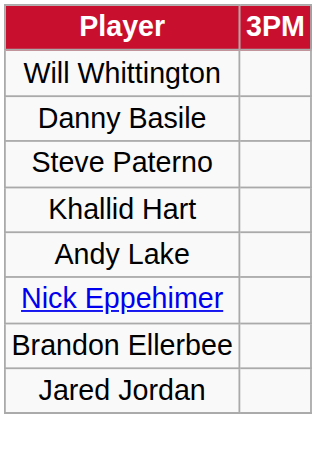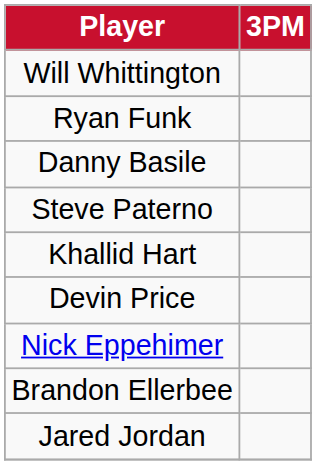 <table class="wikitable sortable" style="text-align:center">
 <tr>
 <th style="background:#C8102E; color:#FFFFFF;">Player</th>
 <th style="background:#C8102E; color:#FFFFFF;">3PM</th>
 </tr>
 <tr>
 <td>Will Whittington</td>
+<td></td>
+</tr>
+<tr>
+<td>Ryan Funk</td>
 <td></td>
 </tr>
 <tr>
 <td>Danny Basile</td>
 <td></td>
 </tr>
 <tr>
 <td>Steve Paterno</td>
 <td></td>
 </tr>
 <tr>
 <td>Khallid Hart</td>
 <td></td>
 </tr>
 <tr>
-<td>Andy Lake</td>
+<td>Devin Price</td>
 <td></td>
 </tr>
 <tr>
 <td><a href='#'>Nick Eppehimer</a></td>
 <td></td>
 </tr>
 <tr>
 <td>Brandon Ellerbee</td>
 <td></td>
 </tr>
 <tr>
 <td>Jared Jordan</td>
 <td></td>
 </tr>
 <tr>
 </tr>
 </table>
